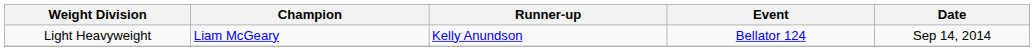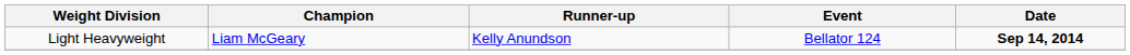 <table class="wikitable" width="99%" style="text-align:center;">
 <tr>
 <th width="18%">Weight Division</th>
 <th width="23%">Champion</th>
 <th width="23%">Runner-up</th>
 <th width="20%">Event</th>
 <th width="15%">Date</th>
 </tr>
 <tr>
 <td>Light Heavyweight</td>
 <td align=left> <a href='#'>Liam McGeary</a></td>
 <td align=left> <a href='#'>Kelly Anundson</a></td>
 <td><a href='#'>Bellator 124</a></td>
-<td>Sep 14, 2014</td>
+<td><strong>Sep 14, 2014</strong></td>
 </tr>
 <tr>
 </tr>
 </table>
